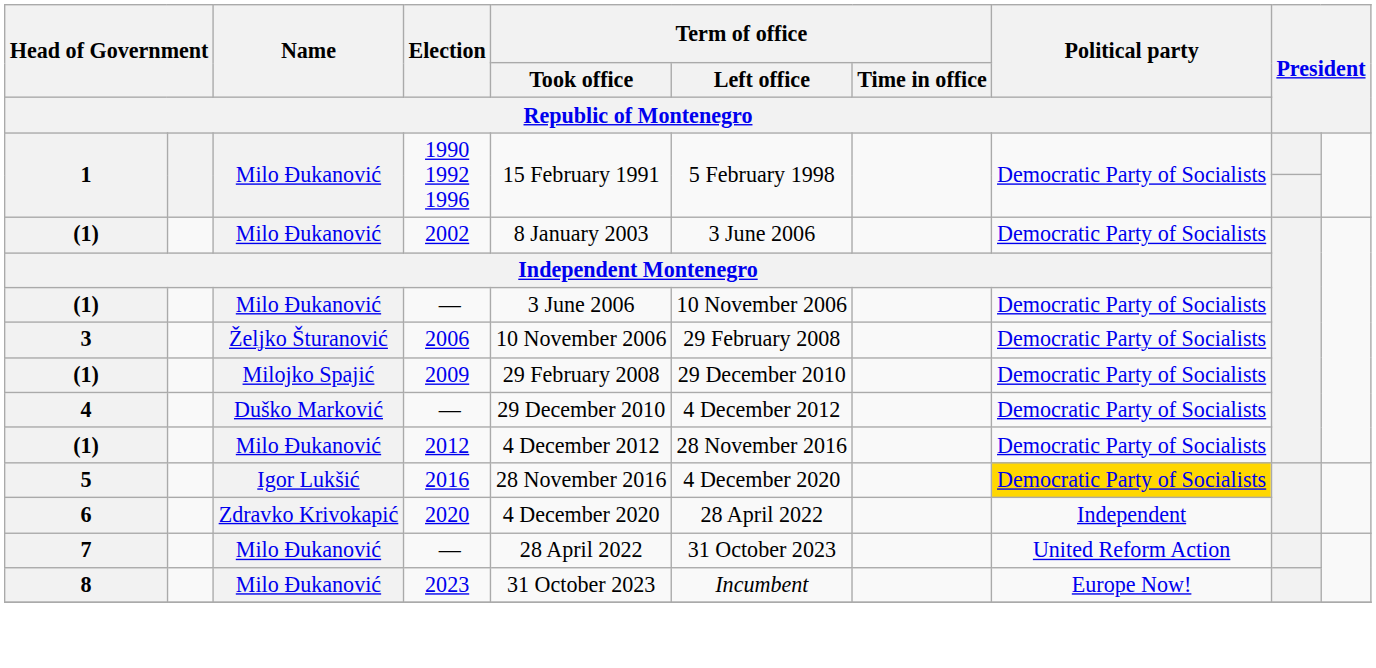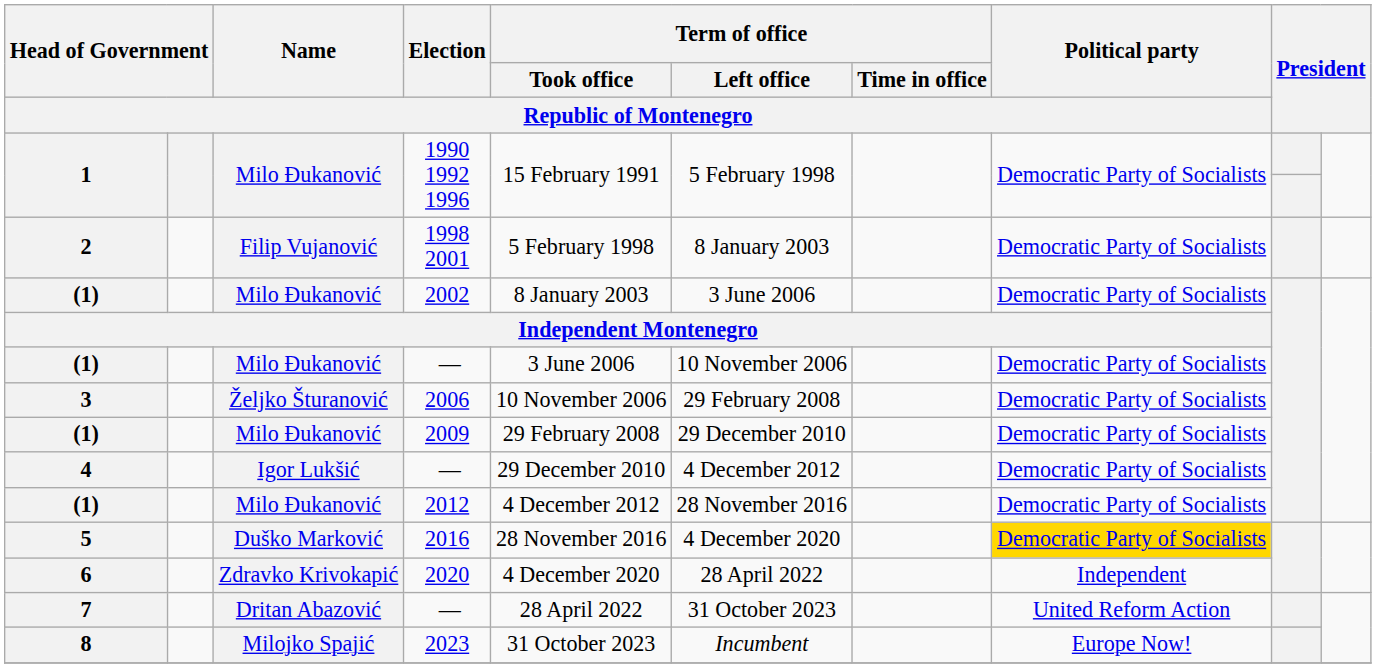 <table class=wikitable style="text-align:center; margin-bottom:0">
 <tr style="height:42px; background:#e9e9e9;">
 <th colspan="2" rowspan="2">Head of Government</th>
 <th rowspan="2">Name<br></th>
 <th rowspan="2">Election</th>
 <th colspan="3">Term of office</th>
 <th rowspan="2">Political party</th>
 <th colspan="2" rowspan="3"><a href='#'>President</a></th>
 </tr>
 <tr>
 <th>Took office</th>
 <th>Left office</th>
 <th>Time in office</th>
 </tr>
 <tr>
 <th colspan="8"><a href='#'>Republic of Montenegro</a></th>
 </tr>
 <tr>
 <th rowspan=2 style="background:">1<br></th>
 <th rowspan=2></th>
 <th rowspan=2 scope="row" style="font-weight:normal;"><a href='#'>Milo Đukanović</a><br></th>
 <td rowspan=2><a href='#'>1990</a><br><a href='#'>1992</a><br><a href='#'>1996</a></td>
 <td rowspan=2>15 February 1991</td>
 <td rowspan=2>5 February 1998</td>
 <td rowspan=2></td>
 <td rowspan=2><a href='#'>Democratic Party of Socialists</a></td>
 <th style="background:"></th>
 <td rowspan=2></td>
 </tr>
 <tr>
 <th style="background:"></th>
+</tr>
+<tr>
+<th style="background:">2<br></th>
+<td></td>
+<th scope="row" style="font-weight:normal;"><a href='#'>Filip Vujanović</a><br></th>
+<td><a href='#'>1998</a><br><a href='#'>2001</a></td>
+<td>5 February 1998</td>
+<td>8 January 2003</td>
+<td></td>
+<td><a href='#'>Democratic Party of Socialists</a></td>
+<th style="background:"></th>
+<td></td>
 </tr>
 <tr>
 <th style="background:">(1)<br></th>
 <td></td>
 <th scope="row" style="font-weight:normal;"><a href='#'>Milo Đukanović</a><br></th>
 <td><a href='#'>2002</a></td>
 <td>8 January 2003</td>
 <td>3 June 2006</td>
 <td></td>
 <td><a href='#'>Democratic Party of Socialists</a></td>
 <th rowspan=7 style="background:"></th>
 <td rowspan=7></td>
 </tr>
 <tr>
 <th colspan="8"><a href='#'>Independent Montenegro</a></th>
 </tr>
 <tr>
 <th style="background:">(1)<br></th>
 <td></td>
 <th scope="row" style="font-weight:normal;"><a href='#'>Milo Đukanović</a><br></th>
 <td align="center"> —</td>
 <td>3 June 2006</td>
 <td>10 November 2006</td>
 <td></td>
 <td><a href='#'>Democratic Party of Socialists</a></td>
 </tr>
 <tr>
 <th style="background:">3<br></th>
 <td></td>
 <th scope="row" style="font-weight:normal;"><a href='#'>Željko Šturanović</a><br></th>
 <td><a href='#'>2006</a></td>
 <td>10 November 2006</td>
 <td>29 February 2008</td>
 <td></td>
 <td><a href='#'>Democratic Party of Socialists</a></td>
 </tr>
 <tr>
 <th style="background:">(1)<br></th>
 <td></td>
-<th scope="row" style="font-weight:normal;"><a href='#'>Milojko Spajić</a><br></th>
+<th scope="row" style="font-weight:normal;"><a href='#'>Milo Đukanović</a><br></th>
 <td><a href='#'>2009</a></td>
 <td>29 February 2008</td>
 <td>29 December 2010</td>
 <td></td>
 <td><a href='#'>Democratic Party of Socialists</a></td>
 </tr>
 <tr>
 <th style="background:">4<br></th>
 <td></td>
-<th scope="row" style="font-weight:normal;"><a href='#'>Duško Marković</a><br></th>
+<th scope="row" style="font-weight:normal;"><a href='#'>Igor Lukšić</a><br></th>
 <td align="center"> —</td>
 <td>29 December 2010</td>
 <td>4 December 2012</td>
 <td></td>
 <td><a href='#'>Democratic Party of Socialists</a></td>
 </tr>
 <tr>
 <th style="background:">(1)<br></th>
 <td></td>
 <th scope="row" style="font-weight:normal;"><a href='#'>Milo Đukanović</a><br></th>
 <td><a href='#'>2012</a></td>
 <td>4 December 2012</td>
 <td>28 November 2016</td>
 <td></td>
 <td><a href='#'>Democratic Party of Socialists</a></td>
 </tr>
 <tr>
 <th style="background:">5<br></th>
 <td></td>
-<th scope="row" style="font-weight:normal;"><a href='#'>Igor Lukšić</a><br></th>
+<th scope="row" style="font-weight:normal;"><a href='#'>Duško Marković</a><br></th>
 <td><a href='#'>2016</a></td>
 <td>28 November 2016</td>
 <td>4 December 2020</td>
 <td></td>
 <td style="background: gold;"><a href='#'>Democratic Party of Socialists</a></td>
 <th rowspan=2 style="background:"></th>
 <td rowspan=2></td>
 </tr>
 <tr>
 <th style="background:">6<br></th>
 <td></td>
 <th scope="row" style="font-weight:normal;"><a href='#'>Zdravko Krivokapić</a><br></th>
 <td><a href='#'>2020</a></td>
 <td>4 December 2020</td>
 <td>28 April 2022</td>
 <td></td>
 <td><a href='#'>Independent</a><br></td>
 </tr>
 <tr>
 <th style="background:">7<br></th>
 <td></td>
-<th scope="row" style="font-weight:normal;"><a href='#'>Milo Đukanović</a><br></th>
+<th scope="row" style="font-weight:normal;"><a href='#'>Dritan Abazović</a><br></th>
 <td align="center"> —</td>
 <td>28 April 2022</td>
 <td>31 October 2023</td>
 <td></td>
 <td><a href='#'>United Reform Action</a></td>
 <th style="background:"></th>
 <td rowspan=2></td>
 </tr>
 <tr>
 <th style="background:">8<br></th>
 <td></td>
-<th scope="row" style="font-weight:normal;"><a href='#'>Milo Đukanović</a><br></th>
+<th scope="row" style="font-weight:normal;"><a href='#'>Milojko Spajić</a><br></th>
 <td><a href='#'>2023</a></td>
 <td>31 October 2023</td>
 <td><em>Incumbent</em></td>
 <td></td>
 <td><a href='#'>Europe Now!</a></td>
 <th style="background:"></th>
 </tr>
 <tr>
 </tr>
 </table>
